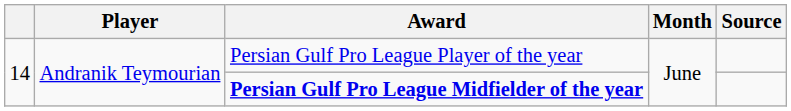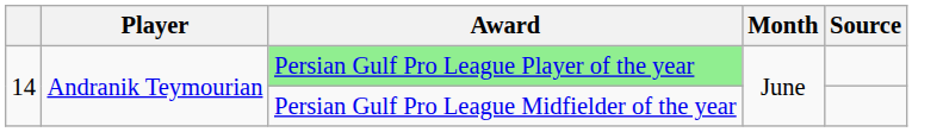 <table class="wikitable sortable" style="text-align:left; font-size:95%;">
 <tr>
 <th></th>
 <th>Player</th>
 <th>Award</th>
 <th>Month</th>
 <th>Source</th>
 </tr>
 <tr>
 <td rowspan=2 style="text-align:center;">14</td>
 <td rowspan=2> <a href='#'>Andranik Teymourian</a></td>
-<td><a href='#'>Persian Gulf Pro League Player of the year</a></td>
+<td style="background: lightgreen;"><a href='#'>Persian Gulf Pro League Player of the year</a></td>
 <td rowspan=2 style="text-align:center;">June</td>
 <td align=center></td>
 </tr>
 <tr>
-<td><strong><a href='#'>Persian Gulf Pro League Midfielder of the year</a></strong></td>
+<td><a href='#'>Persian Gulf Pro League Midfielder of the year</a></td>
 <td align=center></td>
 </tr>
 </table>
